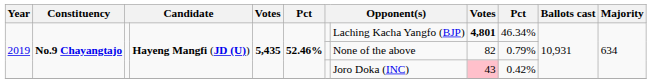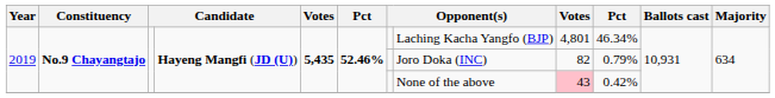 <table class="wikitable" style="margin:0.5em ; font-size:95%">
 <tr>
 <th>Year</th>
 <th>Constituency</th>
 <th colspan=2>Candidate</th>
 <th>Votes</th>
 <th>Pct</th>
 <th colspan=2>Opponent(s)</th>
 <th>Votes</th>
 <th>Pct</th>
 <th>Ballots cast</th>
 <th>Majority</th>
 </tr>
 <tr>
 <td rowspan=3><a href='#'>2019</a></td>
 <td rowspan=3><strong>No.9 <a href='#'>Chayangtajo</a></strong></td>
 <td rowspan=3 ></td>
 <td rowspan=3><strong>Hayeng Mangfi</strong> (<a href='#'><strong>JD (U)</strong></a>)</td>
 <td rowspan=3 align=right><strong>5,435</strong></td>
 <td rowspan=3><strong>52.46%</strong></td>
 <td bgcolor=></td>
 <td>Laching Kacha Yangfo (<a href='#'>BJP</a>)</td>
-<td align=right><strong>4,801</strong></td>
+<td align=right>4,801</td>
 <td>46.34%</td>
 <td rowspan=3>10,931</td>
 <td rowspan=3>634</td>
 </tr>
 <tr>
 <td bgcolor=></td>
-<td>None of the above</td>
+<td>Joro Doka (<a href='#'>INC</a>)</td>
 <td align=right>82</td>
 <td align=right>0.79%</td>
 </tr>
 <tr>
 <td bgcolor=></td>
-<td>Joro Doka (<a href='#'>INC</a>)</td>
+<td>None of the above</td>
 <td align=right style="background: pink;">43</td>
 <td align=right>0.42%</td>
 </tr>
 <tr>
 </tr>
 </table>
